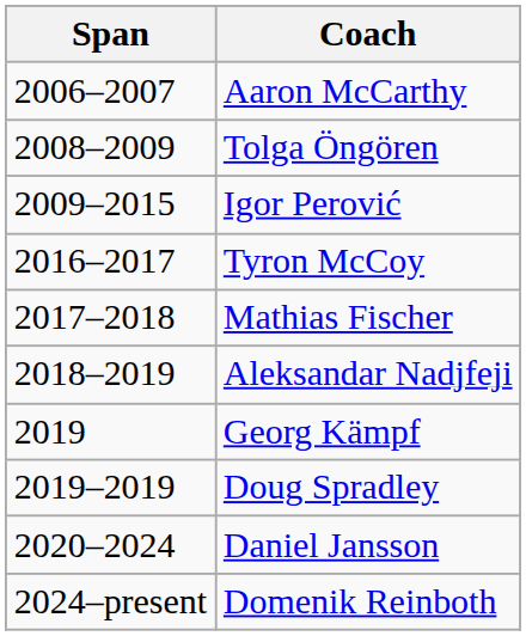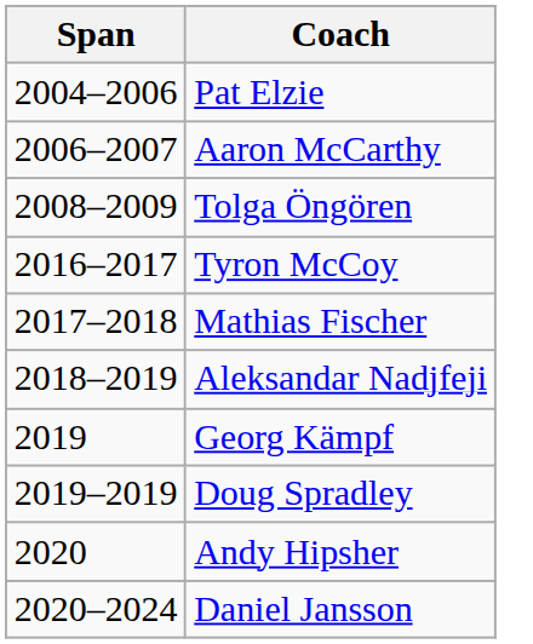 <table class="wikitable">
 <tr>
 <th>Span</th>
 <th>Coach</th>
+</tr>
+<tr>
+<td>2004–2006</td>
+<td> <a href='#'>Pat Elzie</a></td>
 </tr>
 <tr>
 <td>2006–2007</td>
 <td> <a href='#'>Aaron McCarthy</a></td>
 </tr>
 <tr>
 <td>2008–2009</td>
 <td> <a href='#'>Tolga Öngören</a></td>
-</tr>
-<tr>
-<td>2009–2015</td>
-<td> <a href='#'>Igor Perović</a></td>
 </tr>
 <tr>
 <td>2016–2017</td>
 <td> <a href='#'>Tyron McCoy</a></td>
 </tr>
 <tr>
 <td>2017–2018</td>
 <td> <a href='#'>Mathias Fischer</a></td>
 </tr>
 <tr>
 <td>2018–2019</td>
 <td> <a href='#'>Aleksandar Nadjfeji</a></td>
 </tr>
 <tr>
 <td>2019</td>
 <td> <a href='#'>Georg Kämpf</a></td>
 </tr>
 <tr>
 <td>2019–2019</td>
 <td> <a href='#'>Doug Spradley</a></td>
 </tr>
 <tr>
+<td>2020</td>
+<td> <a href='#'>Andy Hipsher</a></td>
+</tr>
+<tr>
 <td>2020–2024</td>
 <td> <a href='#'>Daniel Jansson</a></td>
 </tr>
-<tr>
-<td>2024–present</td>
-<td> <a href='#'>Domenik Reinboth</a></td>
-</tr>
 </table>
